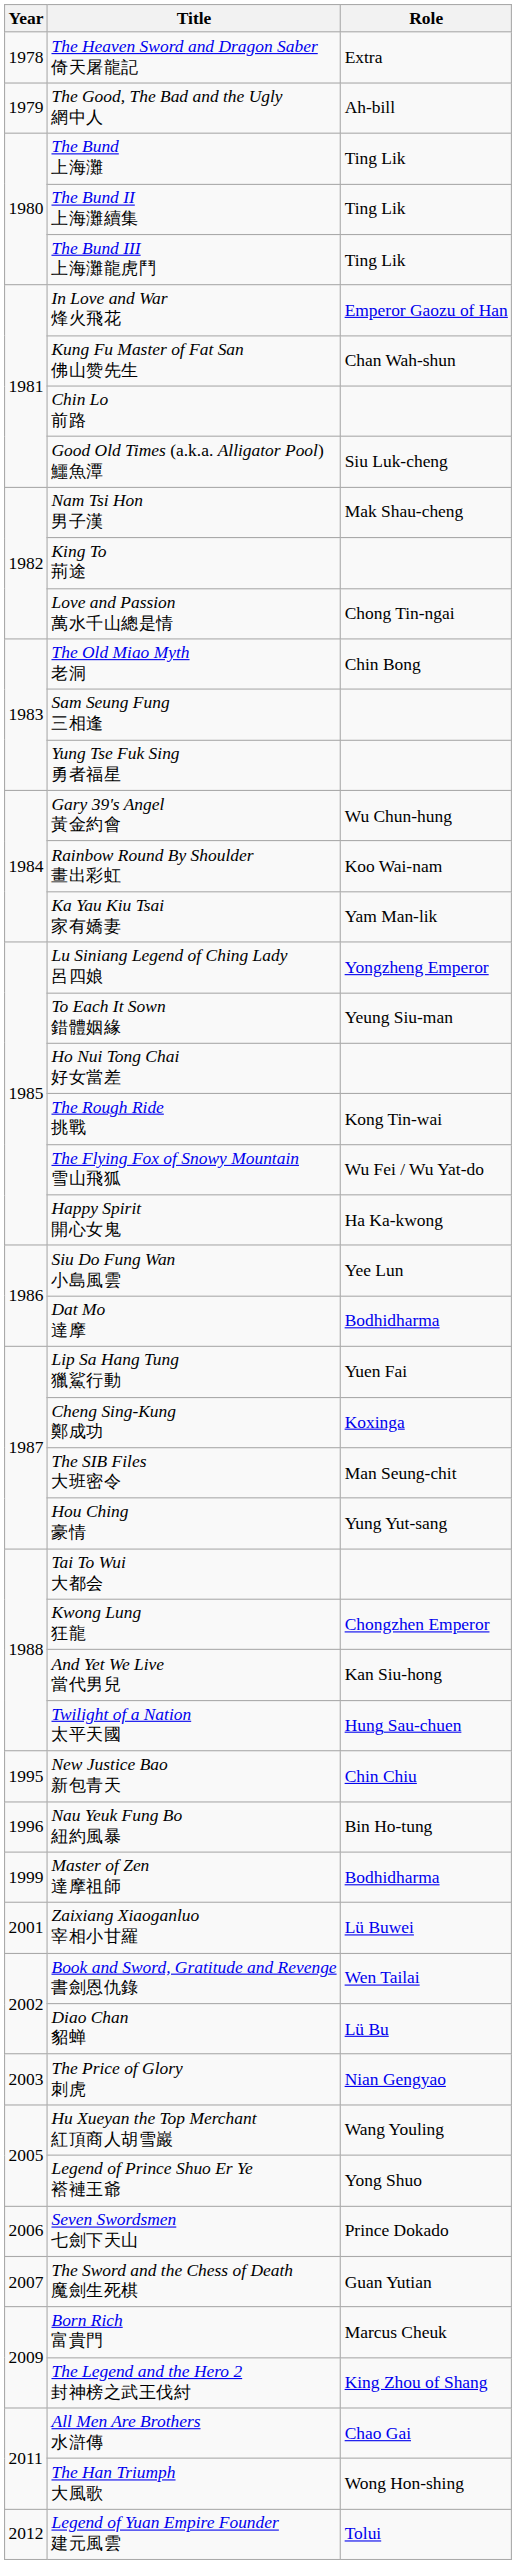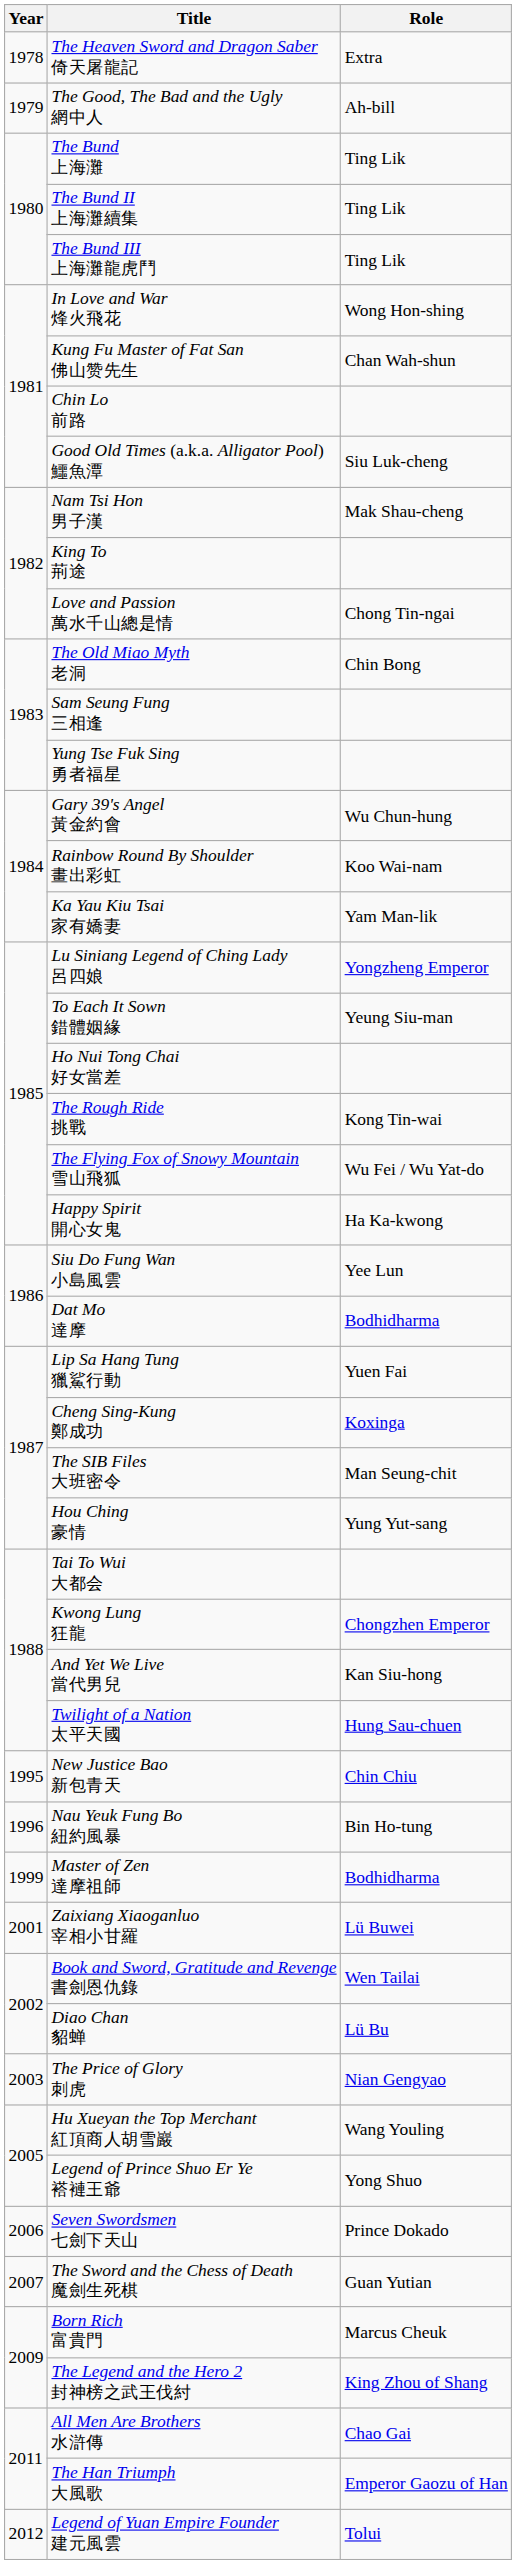 <table class="wikitable">
 <tr>
 <th>Year</th>
 <th>Title</th>
 <th>Role</th>
 </tr>
 <tr>
 <td>1978</td>
 <td><em><a href='#'>The Heaven Sword and Dragon Saber</a></em><br>倚天屠龍記</td>
 <td>Extra</td>
 </tr>
 <tr>
 <td>1979</td>
 <td><em>The Good, The Bad and the Ugly</em><br>網中人</td>
 <td>Ah-bill</td>
 </tr>
 <tr>
 <td rowspan=3>1980</td>
 <td><em><a href='#'>The Bund</a></em><br>上海灘</td>
 <td>Ting Lik</td>
 </tr>
 <tr>
 <td><em><a href='#'>The Bund II</a></em><br>上海灘續集</td>
 <td>Ting Lik</td>
 </tr>
 <tr>
 <td><em><a href='#'>The Bund III</a></em><br>上海灘龍虎鬥</td>
 <td>Ting Lik</td>
 </tr>
 <tr>
 <td rowspan=4>1981</td>
 <td><em>In Love and War</em><br>烽火飛花</td>
-<td><a href='#'>Emperor Gaozu of Han</a></td>
+<td>Wong Hon-shing</td>
 </tr>
 <tr>
 <td><em>Kung Fu Master of Fat San</em><br>佛山赞先生</td>
 <td>Chan Wah-shun</td>
 </tr>
 <tr>
 <td><em>Chin Lo</em><br>前路</td>
 <td></td>
 </tr>
 <tr>
 <td><em>Good Old Times</em> (a.k.a. <em>Alligator Pool</em>)<br>鱷魚潭</td>
 <td>Siu Luk-cheng</td>
 </tr>
 <tr>
 <td rowspan=3>1982</td>
 <td><em>Nam Tsi Hon</em><br>男子漢</td>
 <td>Mak Shau-cheng</td>
 </tr>
 <tr>
 <td><em>King To</em><br>荊途</td>
 <td></td>
 </tr>
 <tr>
 <td><em>Love and Passion</em><br>萬水千山總是情</td>
 <td>Chong Tin-ngai</td>
 </tr>
 <tr>
 <td rowspan=3>1983</td>
 <td><em><a href='#'>The Old Miao Myth</a></em><br>老洞</td>
 <td>Chin Bong</td>
 </tr>
 <tr>
 <td><em>Sam Seung Fung</em><br>三相逢</td>
 <td></td>
 </tr>
 <tr>
 <td><em>Yung Tse Fuk Sing</em><br>勇者福星</td>
 <td></td>
 </tr>
 <tr>
 <td rowspan=3>1984</td>
 <td><em>Gary 39's Angel</em><br>黃金約會</td>
 <td>Wu Chun-hung</td>
 </tr>
 <tr>
 <td><em>Rainbow Round By Shoulder</em><br>畫出彩虹</td>
 <td>Koo Wai-nam</td>
 </tr>
 <tr>
 <td><em>Ka Yau Kiu Tsai</em><br>家有嬌妻</td>
 <td>Yam Man-lik</td>
 </tr>
 <tr>
 <td rowspan=6>1985</td>
 <td><em>Lu Siniang Legend of Ching Lady</em><br>呂四娘</td>
 <td><a href='#'>Yongzheng Emperor</a></td>
 </tr>
 <tr>
 <td><em>To Each It Sown</em><br>錯體姻緣</td>
 <td>Yeung Siu-man</td>
 </tr>
 <tr>
 <td><em>Ho Nui Tong Chai</em><br>好女當差</td>
 <td></td>
 </tr>
 <tr>
 <td><em><a href='#'>The Rough Ride</a></em><br>挑戰</td>
 <td>Kong Tin-wai</td>
 </tr>
 <tr>
 <td><em><a href='#'>The Flying Fox of Snowy Mountain</a></em><br>雪山飛狐</td>
 <td>Wu Fei / Wu Yat-do</td>
 </tr>
 <tr>
 <td><em>Happy Spirit</em><br>開心女鬼</td>
 <td>Ha Ka-kwong</td>
 </tr>
 <tr>
 <td rowspan=2>1986</td>
 <td><em>Siu Do Fung Wan</em><br>小島風雲</td>
 <td>Yee Lun</td>
 </tr>
 <tr>
 <td><em>Dat Mo</em><br>達摩</td>
 <td><a href='#'>Bodhidharma</a></td>
 </tr>
 <tr>
 <td rowspan=4>1987</td>
 <td><em>Lip Sa Hang Tung</em><br>獵鯊行動</td>
 <td>Yuen Fai</td>
 </tr>
 <tr>
 <td><em>Cheng Sing-Kung</em><br>鄭成功</td>
 <td><a href='#'>Koxinga</a></td>
 </tr>
 <tr>
 <td><em>The SIB Files</em><br>大班密令</td>
 <td>Man Seung-chit</td>
 </tr>
 <tr>
 <td><em>Hou Ching</em><br>豪情</td>
 <td>Yung Yut-sang</td>
 </tr>
 <tr>
 <td rowspan=4>1988</td>
 <td><em>Tai To Wui</em><br>大都会</td>
 <td></td>
 </tr>
 <tr>
 <td><em>Kwong Lung</em><br>狂龍</td>
 <td><a href='#'>Chongzhen Emperor</a></td>
 </tr>
 <tr>
 <td><em>And Yet We Live</em><br>當代男兒</td>
 <td>Kan Siu-hong</td>
 </tr>
 <tr>
 <td><em><a href='#'>Twilight of a Nation</a></em><br>太平天國</td>
 <td><a href='#'>Hung Sau-chuen</a></td>
 </tr>
 <tr>
 <td>1995</td>
 <td><em>New Justice Bao</em><br>新包青天</td>
 <td><a href='#'>Chin Chiu</a></td>
 </tr>
 <tr>
 <td>1996</td>
 <td><em>Nau Yeuk Fung Bo</em><br>紐約風暴</td>
 <td>Bin Ho-tung</td>
 </tr>
 <tr>
 <td>1999</td>
 <td><em>Master of Zen</em><br>達摩祖師</td>
 <td><a href='#'>Bodhidharma</a></td>
 </tr>
 <tr>
 <td>2001</td>
 <td><em>Zaixiang Xiaoganluo</em><br>宰相小甘羅</td>
 <td><a href='#'>Lü Buwei</a></td>
 </tr>
 <tr>
 <td rowspan=2>2002</td>
 <td><em><a href='#'>Book and Sword, Gratitude and Revenge</a></em><br>書劍恩仇錄</td>
 <td><a href='#'>Wen Tailai</a></td>
 </tr>
 <tr>
 <td><em>Diao Chan</em><br>貂蝉</td>
 <td><a href='#'>Lü Bu</a></td>
 </tr>
 <tr>
 <td>2003</td>
 <td><em>The Price of Glory</em><br>刺虎</td>
 <td><a href='#'>Nian Gengyao</a></td>
 </tr>
 <tr>
 <td rowspan=2>2005</td>
 <td><em>Hu Xueyan the Top Merchant</em><br>紅頂商人胡雪巖</td>
 <td>Wang Youling</td>
 </tr>
 <tr>
 <td><em>Legend of Prince Shuo Er Ye</em><br>褡褳王爺</td>
 <td>Yong Shuo</td>
 </tr>
 <tr>
 <td>2006</td>
 <td><em><a href='#'>Seven Swordsmen</a></em><br>七劍下天山</td>
 <td>Prince Dokado</td>
 </tr>
 <tr>
 <td>2007</td>
 <td><em>The Sword and the Chess of Death</em><br>魔劍生死棋</td>
 <td>Guan Yutian</td>
 </tr>
 <tr>
 <td rowspan=2>2009</td>
 <td><em><a href='#'>Born Rich</a></em><br>富貴門</td>
 <td>Marcus Cheuk</td>
 </tr>
 <tr>
 <td><em><a href='#'>The Legend and the Hero 2</a></em><br>封神榜之武王伐紂</td>
 <td><a href='#'>King Zhou of Shang</a></td>
 </tr>
 <tr>
 <td rowspan=2>2011</td>
 <td><em><a href='#'>All Men Are Brothers</a></em><br>水滸傳</td>
 <td><a href='#'>Chao Gai</a></td>
 </tr>
 <tr>
 <td><em><a href='#'>The Han Triumph</a></em><br>大風歌</td>
-<td>Wong Hon-shing</td>
+<td><a href='#'>Emperor Gaozu of Han</a></td>
 </tr>
 <tr>
 <td>2012</td>
 <td><em><a href='#'>Legend of Yuan Empire Founder</a></em><br>建元風雲</td>
 <td><a href='#'>Tolui</a></td>
 </tr>
 </table>
